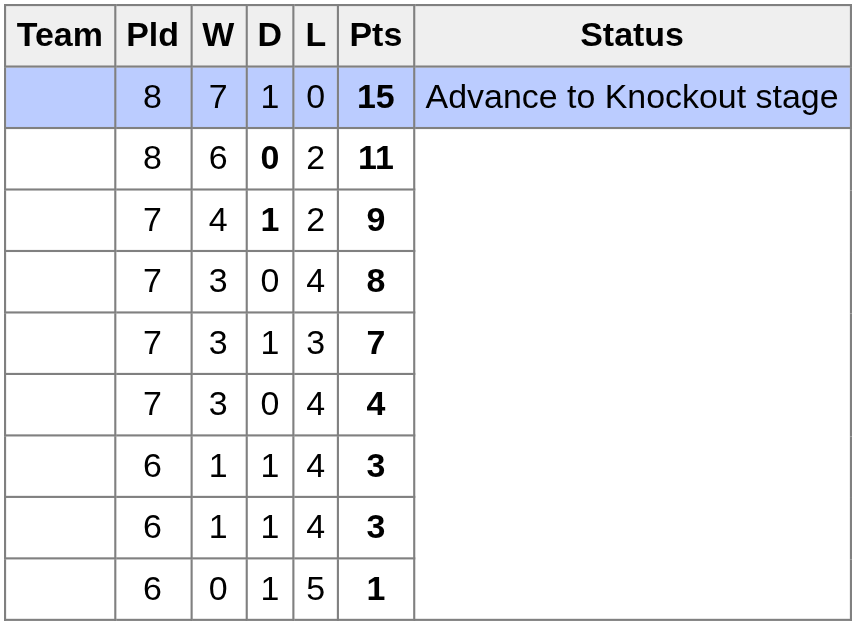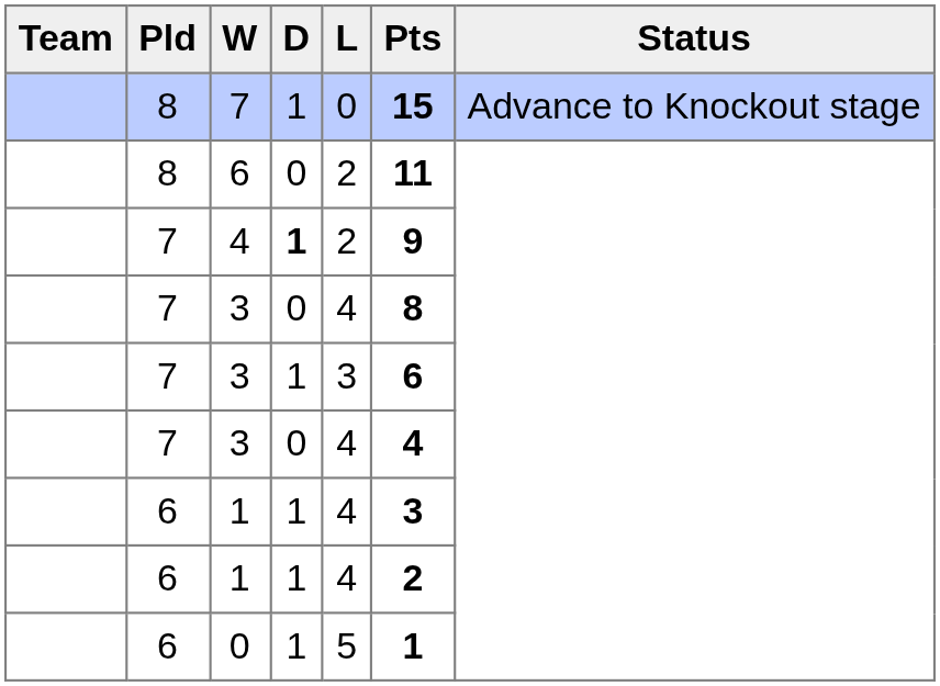 <table style=border-collapse:collapse border=1 cellspacing=0 cellpadding=5>
 <tr align=center bgcolor=#efefef>
 <th>Team</th>
 <th>Pld</th>
 <th>W</th>
 <th>D</th>
 <th>L</th>
 <th>Pts</th>
 <th>Status</th>
 </tr>
 <tr align=center style="background:#bbccff;">
 <td style="text-align:left;"> </td>
 <td>8</td>
 <td>7</td>
 <td>1</td>
 <td>0</td>
 <td><strong>15</strong></td>
 <td rowspan=1>Advance to Knockout stage</td>
 </tr>
 <tr align=center style="background:#FFFFFF;">
 <td style="text-align:left;"> </td>
 <td>8</td>
 <td>6</td>
-<td><strong>0</strong></td>
+<td>0</td>
 <td>2</td>
 <td><strong>11</strong></td>
 <td rowspan=8></td>
 </tr>
 <tr align=center style="background:#FFFFFF;">
 <td style="text-align:left;"> </td>
 <td>7</td>
 <td>4</td>
 <td><strong>1</strong></td>
 <td>2</td>
 <td><strong>9</strong></td>
 </tr>
 <tr align=center style="background:#FFFFFF;">
 <td style="text-align:left;"> </td>
 <td>7</td>
 <td>3</td>
 <td>0</td>
 <td>4</td>
 <td><strong>8</strong></td>
 </tr>
 <tr align=center style="background:#FFFFFF;">
 <td style="text-align:left;"> </td>
 <td>7</td>
 <td>3</td>
 <td>1</td>
 <td>3</td>
-<td><strong>7</strong></td>
+<td><strong>6</strong></td>
 </tr>
 <tr align=center style="background:#FFFFFF;">
 <td style="text-align:left;"> </td>
 <td>7</td>
 <td>3</td>
 <td>0</td>
 <td>4</td>
 <td><strong>4</strong></td>
 </tr>
 <tr align=center style="background:#FFFFFF;">
 <td style="text-align:left;"> </td>
 <td>6</td>
 <td>1</td>
 <td>1</td>
 <td>4</td>
 <td><strong>3</strong></td>
 </tr>
 <tr align=center style="background:#FFFFFF;">
 <td style="text-align:left;"> </td>
 <td>6</td>
 <td>1</td>
 <td>1</td>
 <td>4</td>
-<td><strong>3</strong></td>
+<td><strong>2</strong></td>
 </tr>
 <tr align=center style="background:#FFFFFF;">
 <td style="text-align:left;"> </td>
 <td>6</td>
 <td>0</td>
 <td>1</td>
 <td>5</td>
 <td><strong>1</strong></td>
 </tr>
 </table>
